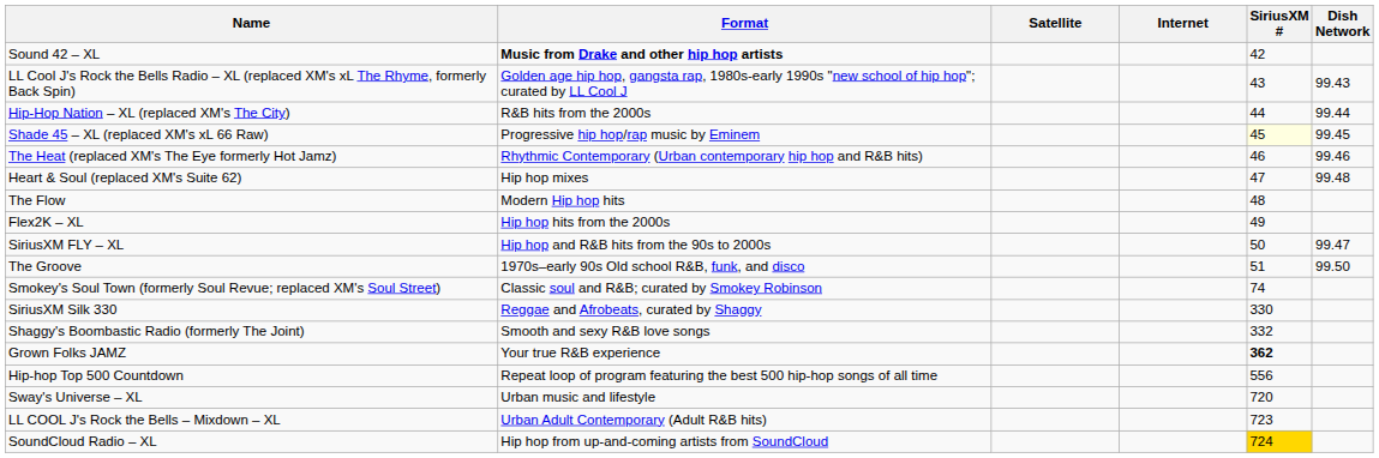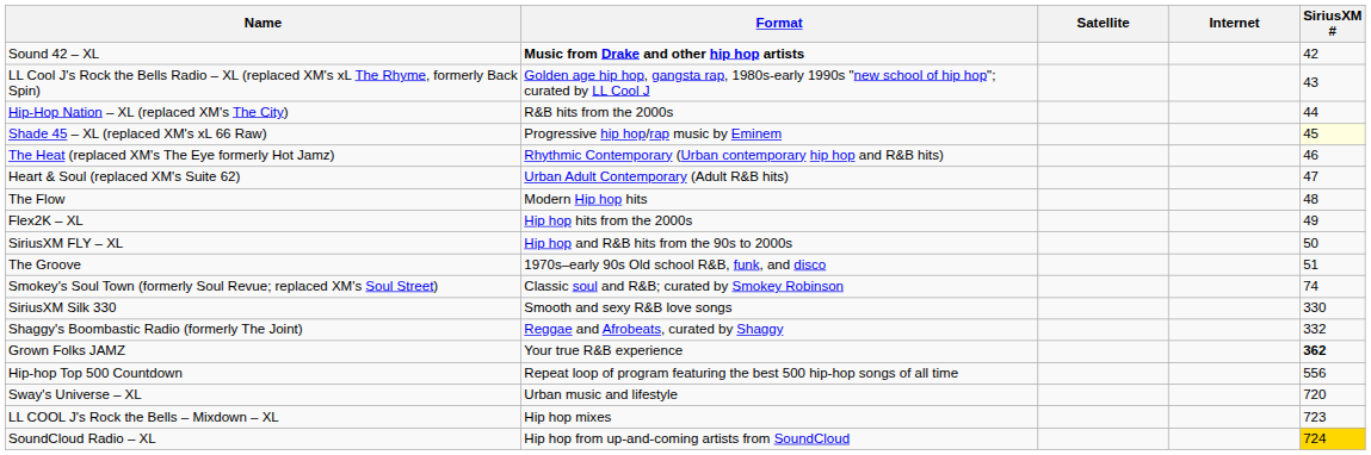 <table class="wikitable sortable" style="width:100%;">
 <tr>
 <th width="40%">Name</th>
 <th width="40%"><a href='#'>Format</a></th>
 <th width="10%">Satellite</th>
 <th width="10%">Internet</th>
 <th width="10%">SiriusXM #</th>
-<th width="100%">Dish Network</th>
 </tr>
 <tr>
 <td>Sound 42 – XL</td>
 <td><strong>Music from <a href='#'>Drake</a> and other <a href='#'>hip hop</a> artists</strong></td>
 <td></td>
 <td></td>
 <td>42</td>
-<td></td>
 </tr>
 <tr>
 <td>LL Cool J's Rock the Bells Radio – XL (replaced XM's xL <a href='#'>The Rhyme</a>, formerly Back Spin)</td>
 <td><a href='#'>Golden age hip hop</a>, <a href='#'>gangsta rap</a>, 1980s-early 1990s "<a href='#'>new school of hip hop</a>"; curated by <a href='#'>LL Cool J</a></td>
 <td></td>
 <td></td>
 <td>43</td>
-<td>99.43</td>
 </tr>
 <tr>
 <td><a href='#'>Hip-Hop Nation</a> – XL (replaced XM's <a href='#'>The City</a>)</td>
 <td>R&B hits from the 2000s</td>
 <td></td>
 <td></td>
 <td>44</td>
-<td>99.44</td>
 </tr>
 <tr>
 <td><a href='#'>Shade 45</a> – XL (replaced XM's xL 66 Raw)</td>
 <td>Progressive <a href='#'>hip hop</a>/<a href='#'>rap</a> music by <a href='#'>Eminem</a></td>
 <td></td>
 <td></td>
 <td style="background: lightyellow;">45</td>
-<td>99.45</td>
 </tr>
 <tr>
 <td><a href='#'>The Heat</a> (replaced XM's The Eye formerly Hot Jamz)</td>
 <td><a href='#'>Rhythmic Contemporary</a> (<a href='#'>Urban contemporary</a> <a href='#'>hip hop</a> and R&B hits)</td>
 <td></td>
 <td></td>
 <td>46</td>
-<td>99.46</td>
 </tr>
 <tr>
 <td>Heart & Soul (replaced XM's Suite 62)</td>
-<td>Hip hop mixes</td>
+<td><a href='#'>Urban Adult Contemporary</a> (Adult R&B hits)</td>
 <td></td>
 <td></td>
 <td>47</td>
-<td>99.48</td>
 </tr>
 <tr>
 <td>The Flow</td>
 <td>Modern <a href='#'>Hip hop</a> hits</td>
 <td></td>
 <td></td>
 <td>48</td>
-<td></td>
 </tr>
 <tr>
 <td>Flex2K – XL</td>
 <td><a href='#'>Hip hop</a> hits from the 2000s</td>
 <td></td>
 <td></td>
 <td>49</td>
-<td></td>
 </tr>
 <tr>
 <td>SiriusXM FLY – XL</td>
 <td><a href='#'>Hip hop</a> and R&B hits from the 90s to 2000s</td>
 <td></td>
 <td></td>
 <td>50</td>
-<td>99.47</td>
 </tr>
 <tr>
 <td>The Groove</td>
 <td>1970s–early 90s Old school R&B, <a href='#'>funk</a>, and <a href='#'>disco</a></td>
 <td></td>
 <td></td>
 <td>51</td>
-<td>99.50</td>
 </tr>
 <tr>
 <td>Smokey's Soul Town (formerly Soul Revue; replaced XM's <a href='#'>Soul Street</a>)</td>
 <td>Classic <a href='#'>soul</a> and R&B; curated by <a href='#'>Smokey Robinson</a></td>
 <td></td>
 <td></td>
 <td>74</td>
-<td></td>
 </tr>
 <tr>
 <td>SiriusXM Silk 330</td>
+<td>Smooth and sexy R&B love songs</td>
+<td></td>
+<td></td>
+<td>330</td>
+</tr>
+<tr>
+<td>Shaggy's Boombastic Radio (formerly The Joint)</td>
 <td><a href='#'>Reggae</a> and <a href='#'>Afrobeats</a>, curated by <a href='#'>Shaggy</a></td>
 <td></td>
 <td></td>
-<td>330</td>
-<td></td>
-</tr>
-<tr>
-<td>Shaggy's Boombastic Radio (formerly The Joint)</td>
-<td>Smooth and sexy R&B love songs</td>
-<td></td>
-<td></td>
 <td>332</td>
-<td></td>
 </tr>
 <tr>
 <td>Grown Folks JAMZ</td>
 <td>Your true R&B experience</td>
 <td></td>
 <td></td>
 <td><strong>362</strong></td>
-<td></td>
 </tr>
 <tr>
 <td>Hip-hop Top 500 Countdown</td>
 <td>Repeat loop of program featuring the best 500 hip-hop songs of all time</td>
 <td></td>
 <td></td>
 <td>556</td>
-<td></td>
 </tr>
 <tr>
 <td>Sway's Universe – XL</td>
 <td>Urban music and lifestyle</td>
 <td></td>
 <td></td>
 <td>720</td>
-<td></td>
 </tr>
 <tr>
 <td>LL COOL J's Rock the Bells – Mixdown – XL</td>
-<td><a href='#'>Urban Adult Contemporary</a> (Adult R&B hits)</td>
+<td>Hip hop mixes</td>
 <td></td>
 <td></td>
 <td>723</td>
-<td></td>
 </tr>
 <tr>
 <td>SoundCloud Radio – XL</td>
 <td>Hip hop from up-and-coming artists from <a href='#'>SoundCloud</a></td>
 <td></td>
 <td></td>
 <td style="background: gold;">724</td>
-<td></td>
 </tr>
 </table>
